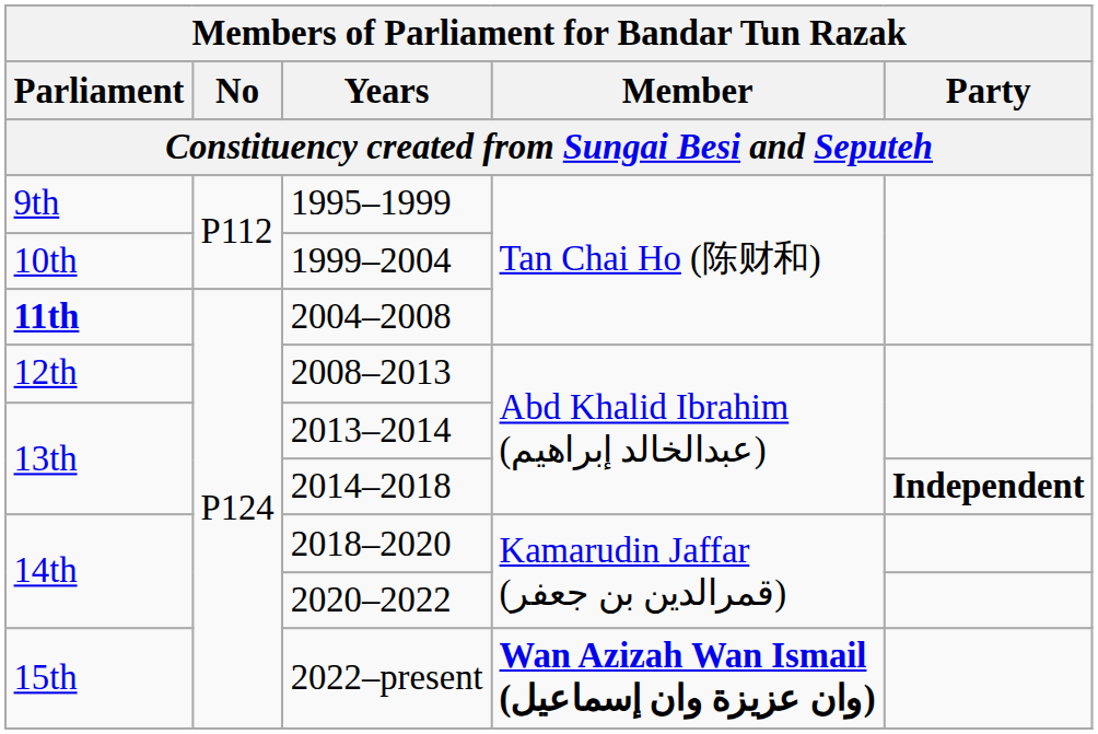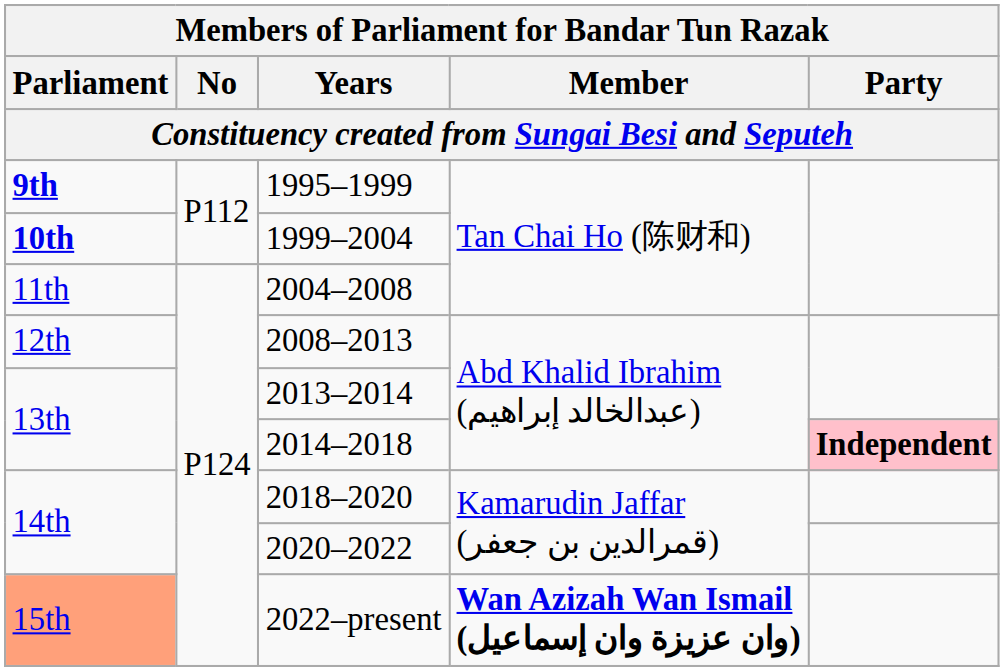 <table class=wikitable>
 <tr>
 <th colspan="5">Members of Parliament for Bandar Tun Razak</th>
 </tr>
 <tr>
 <th>Parliament</th>
 <th>No</th>
 <th>Years</th>
 <th>Member</th>
 <th>Party</th>
 </tr>
 <tr>
 <th colspan="5" align="center"><em>Constituency created from <a href='#'>Sungai Besi</a> and <a href='#'>Seputeh</a></em></th>
 </tr>
 <tr>
-<td><a href='#'>9th</a></td>
+<td><strong><a href='#'>9th</a></strong></td>
 <td rowspan="2">P112</td>
 <td>1995–1999</td>
 <td rowspan=3><a href='#'>Tan Chai Ho</a> (陈财和)</td>
 <td rowspan="3"></td>
 </tr>
 <tr>
-<td><a href='#'>10th</a></td>
+<td><strong><a href='#'>10th</a></strong></td>
 <td>1999–2004</td>
 </tr>
 <tr>
-<td><strong><a href='#'>11th</a></strong></td>
+<td><a href='#'>11th</a></td>
 <td rowspan="7">P124</td>
 <td>2004–2008</td>
 </tr>
 <tr>
 <td><a href='#'>12th</a></td>
 <td>2008–2013</td>
 <td rowspan=3><a href='#'>Abd Khalid Ibrahim</a> <br> (عبدالخالد إبراهيم)</td>
 <td rowspan=2></td>
 </tr>
 <tr>
 <td rowspan=2><a href='#'>13th</a></td>
 <td>2013–2014</td>
 </tr>
 <tr>
 <td>2014–2018</td>
-<td><strong>Independent</strong></td>
+<td style="background: pink;"><strong>Independent</strong></td>
 </tr>
 <tr>
 <td rowspan="2"><a href='#'>14th</a></td>
 <td>2018–2020</td>
 <td rowspan="2"><a href='#'>Kamarudin Jaffar</a> <br> (قمرالدين بن جعفر)</td>
 <td></td>
 </tr>
 <tr>
 <td>2020–2022</td>
 <td></td>
 </tr>
 <tr>
-<td><a href='#'>15th</a></td>
+<td style="background: lightsalmon;"><a href='#'>15th</a></td>
 <td>2022–present</td>
 <td><strong><a href='#'>Wan Azizah Wan Ismail</a>  <br>(وان عزيزة وان إسماعيل)</strong></td>
 <td></td>
 </tr>
 </table>
